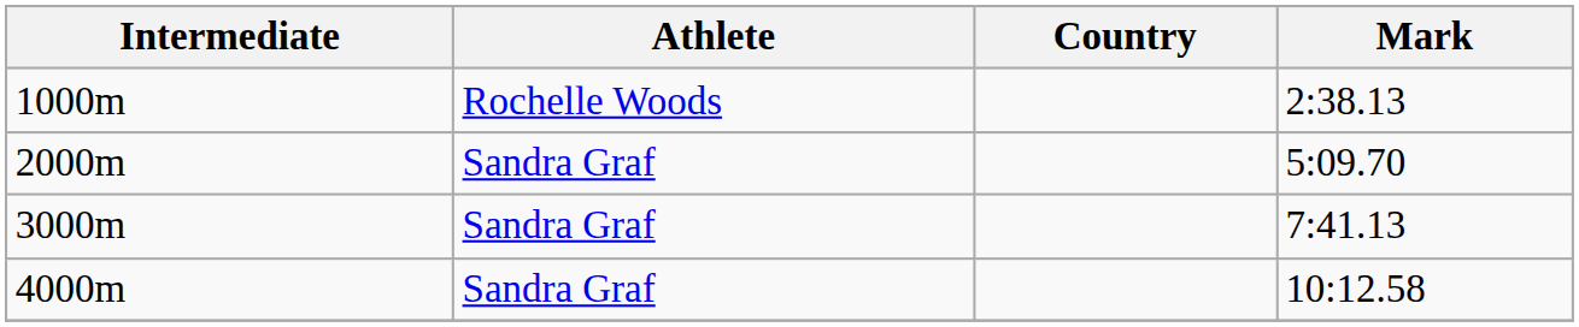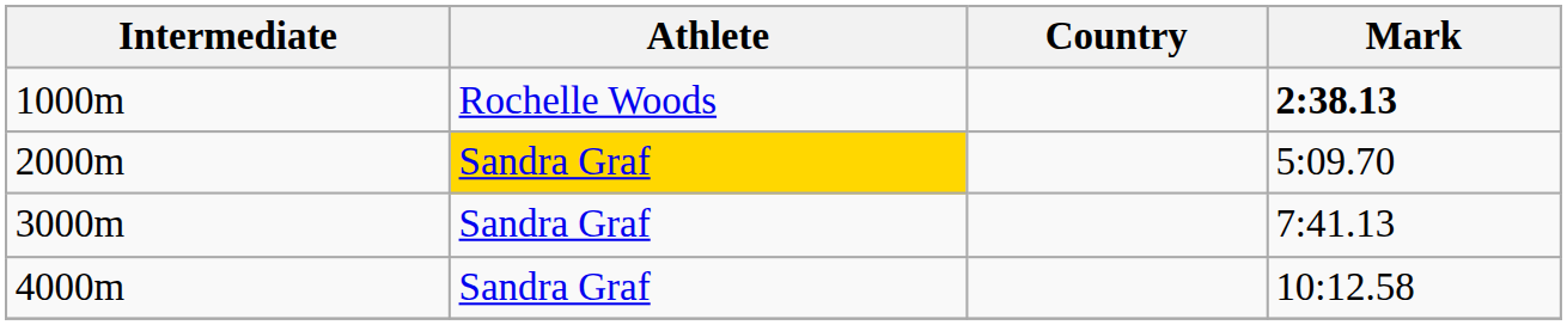 <table class="wikitable" width=50%>
 <tr>
 <th>Intermediate</th>
 <th>Athlete</th>
 <th>Country</th>
 <th>Mark</th>
 </tr>
 <tr>
 <td>1000m</td>
 <td><a href='#'>Rochelle Woods</a></td>
 <td></td>
-<td>2:38.13</td>
+<td><strong>2:38.13</strong></td>
 </tr>
 <tr>
 <td>2000m</td>
-<td><a href='#'>Sandra Graf</a></td>
+<td style="background: gold;"><a href='#'>Sandra Graf</a></td>
 <td></td>
 <td>5:09.70</td>
 </tr>
 <tr>
 <td>3000m</td>
 <td><a href='#'>Sandra Graf</a></td>
 <td></td>
 <td>7:41.13</td>
 </tr>
 <tr>
 <td>4000m</td>
 <td><a href='#'>Sandra Graf</a></td>
 <td></td>
 <td>10:12.58</td>
 </tr>
 <tr>
 </tr>
 </table>
